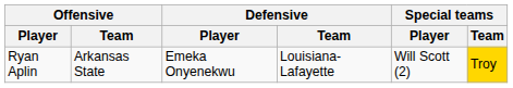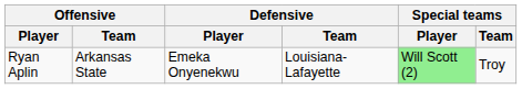 <table class="wikitable">
 <tr>
 <th colspan="2">Offensive</th>
 <th colspan="2">Defensive</th>
 <th colspan="2">Special teams</th>
 </tr>
 <tr>
 <th>Player</th>
 <th>Team</th>
 <th>Player</th>
 <th>Team</th>
 <th>Player</th>
 <th>Team</th>
 </tr>
 <tr>
 <td>Ryan Aplin</td>
 <td>Arkansas State</td>
 <td>Emeka Onyenekwu</td>
 <td>Louisiana-Lafayette</td>
-<td>Will Scott (2)</td>
-<td style="background: gold;">Troy</td>
+<td style="background: lightgreen;">Will Scott (2)</td>
+<td>Troy</td>
 </tr>
 </table>
